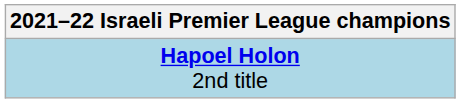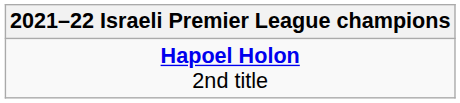 <table class=wikitable style="text-align:center; margin:auto">
 <tr>
 <th>2021–22 Israeli Premier League champions</th>
 </tr>
 <tr>
-<td style="background: lightblue;"><strong><a href='#'>Hapoel Holon</a></strong><br>2nd title</td>
+<td><strong><a href='#'>Hapoel Holon</a></strong><br>2nd title</td>
 </tr>
 </table>
